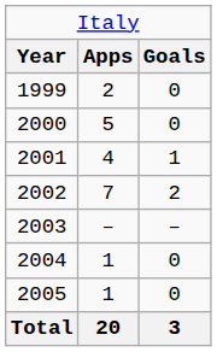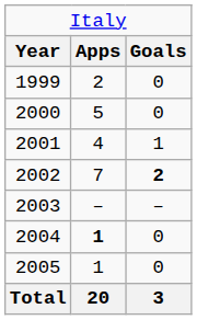 <table class="wikitable" style="text-align:center">
 <tr>
 <td colspan="9"><a href='#'>Italy</a></td>
 </tr>
 <tr>
 <th>Year</th>
 <th>Apps</th>
 <th>Goals</th>
 </tr>
 <tr>
 <td>1999</td>
 <td>2</td>
 <td>0</td>
 </tr>
 <tr>
 <td>2000</td>
 <td>5</td>
 <td>0</td>
 </tr>
 <tr>
 <td>2001</td>
 <td>4</td>
 <td>1</td>
 </tr>
 <tr>
 <td>2002</td>
 <td>7</td>
-<td>2</td>
+<td><strong>2</strong></td>
 </tr>
 <tr>
 <td>2003</td>
 <td>–</td>
 <td>–</td>
 </tr>
 <tr>
 <td>2004</td>
-<td>1</td>
+<td><strong>1</strong></td>
 <td>0</td>
 </tr>
 <tr>
 <td>2005</td>
 <td>1</td>
 <td>0</td>
 </tr>
 <tr>
 <th>Total</th>
 <th>20</th>
 <th>3</th>
 </tr>
 </table>
